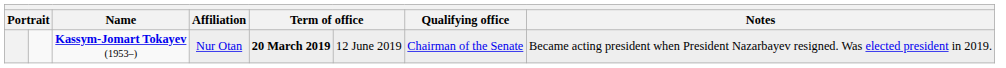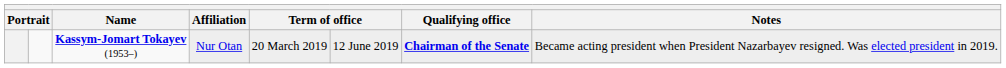 <table class="wikitable" style="text-align:center;">
 <tr>
 <th colspan="8"></th>
 </tr>
 <tr>
 <th colspan="2">Portrait</th>
 <th align="center">Name</th>
 <th align="center">Affiliation</th>
 <th colspan="2" align="center">Term of office</th>
 <th align="center">Qualifying office</th>
 <th align="center">Notes</th>
 </tr>
 <tr>
 <th style="background:"></th>
 <td></td>
 <td><strong><a href='#'>Kassym-Jomart Tokayev</a></strong><br><small>(1953–)</small></td>
 <td style="background:#EEEEEE"><a href='#'>Nur Otan</a></td>
-<td style="background:#EEEEEE"><strong>20 March 2019</strong></td>
+<td style="background:#EEEEEE">20 March 2019</td>
 <td style="background:#EEEEEE">12 June 2019</td>
-<td style="background:#EEEEEE"><a href='#'>Chairman of the Senate</a></td>
+<td style="background:#EEEEEE"><strong><a href='#'>Chairman of the Senate</a></strong></td>
 <td style="background:#EEEEEE">Became acting president when President Nazarbayev resigned. Was <a href='#'>elected president</a> in 2019.</td>
 </tr>
 </table>
